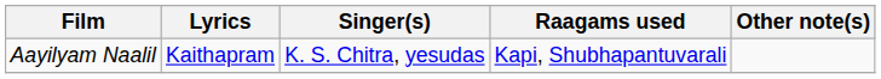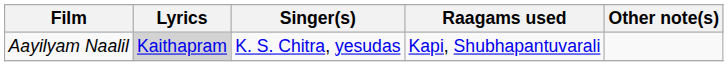 <table | class="wikitable collapsible sortable">
 <tr style="text-align:center;">
 </tr>
 <tr bgcolor="#b4cae3" align="center">
 <th>Film</th>
 <th>Lyrics</th>
 <th>Singer(s)</th>
 <th>Raagams used</th>
 <th>Other note(s)</th>
 </tr>
 <tr --->
 <td><em>Aayilyam Naalil</em></td>
-<td><a href='#'>Kaithapram</a></td>
+<td style="background: lightgrey;"><a href='#'>Kaithapram</a></td>
 <td><a href='#'>K. S. Chitra</a>, <a href='#'>yesudas</a></td>
 <td><a href='#'>Kapi</a>, <a href='#'>Shubhapantuvarali</a></td>
 <td></td>
 </tr>
 <tr --->
 </tr>
 </table>
